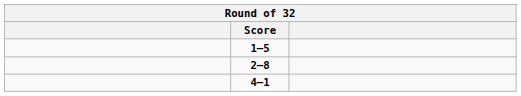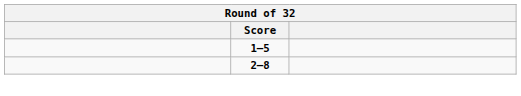 <table class="wikitable" style="text-align: center;">
 <tr>
 <th colspan=3>Round of 32</th>
 </tr>
 <tr>
 <th align="right" width="270"></th>
 <th width="65">Score</th>
 <th align="left" width="270"></th>
 </tr>
 <tr>
 <td align=left></td>
 <td align=center><strong>1–5</strong></td>
 <td align=left><strong></strong></td>
 </tr>
 <tr>
 <td align=left></td>
 <td align=center><strong>2–8</strong></td>
 <td align=left><strong></strong></td>
 </tr>
-<tr>
-<td align=left><strong></strong></td>
-<td align=center><strong>4–1</strong></td>
-<td align=left></td>
-</tr>
 </table>
